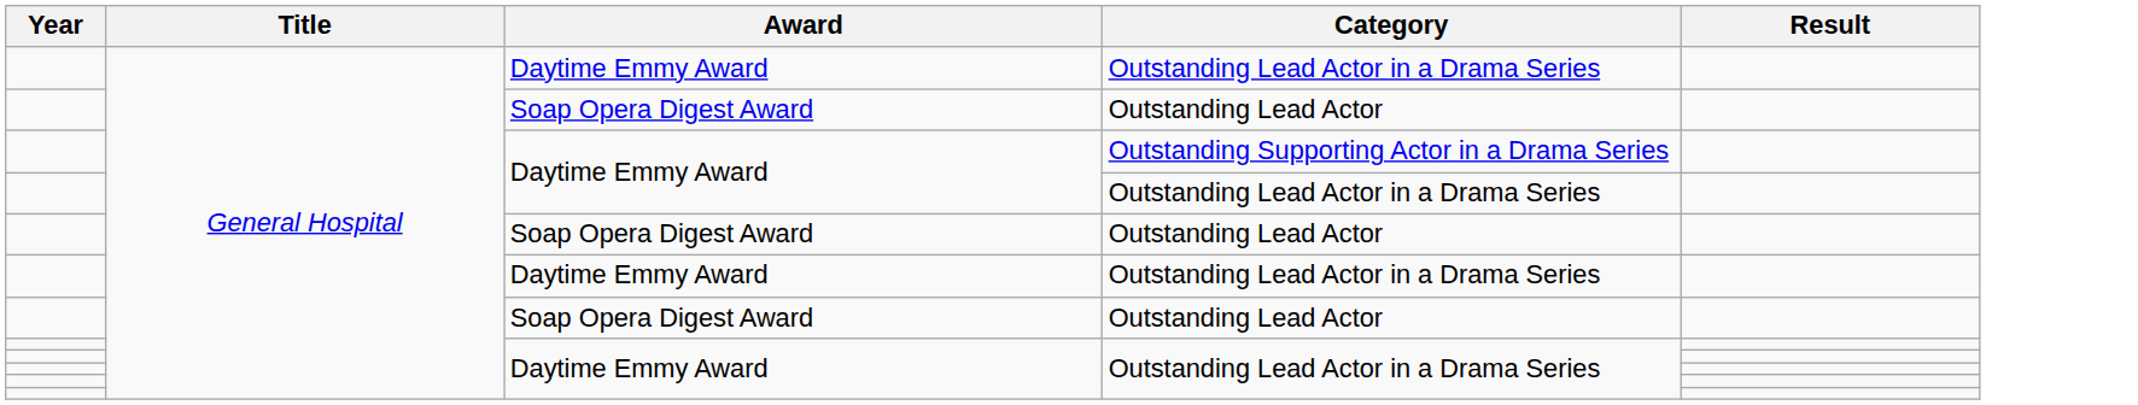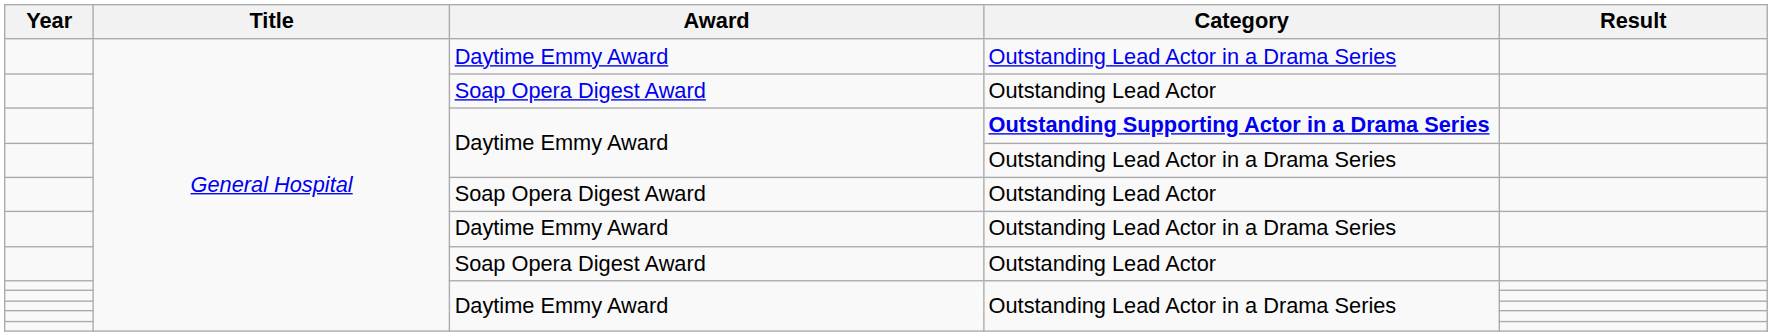 <table class="wikitable sortable plainrowheaders">
 <tr>
 <th width=5%>Year</th>
 <th width=20%>Title</th>
 <th width=30%>Award</th>
 <th width=29%>Category</th>
 <th width=15%>Result</th>
 </tr>
 <tr>
 <td></td>
 <td rowspan="12" style="text-align:center;"><em><a href='#'>General Hospital</a></em></td>
 <td><a href='#'>Daytime Emmy Award</a></td>
 <td><a href='#'>Outstanding Lead Actor in a Drama Series</a></td>
 <td></td>
 </tr>
 <tr>
 <td></td>
 <td><a href='#'>Soap Opera Digest Award</a></td>
 <td>Outstanding Lead Actor</td>
 <td></td>
 </tr>
 <tr>
 <td></td>
 <td rowspan="2">Daytime Emmy Award</td>
-<td><a href='#'>Outstanding Supporting Actor in a Drama Series</a></td>
+<td><strong><a href='#'>Outstanding Supporting Actor in a Drama Series</a></strong></td>
 <td></td>
 </tr>
 <tr>
 <td></td>
 <td>Outstanding Lead Actor in a Drama Series</td>
 <td></td>
 </tr>
 <tr>
 <td></td>
 <td>Soap Opera Digest Award</td>
 <td>Outstanding Lead Actor</td>
 <td></td>
 </tr>
 <tr>
 <td></td>
 <td>Daytime Emmy Award</td>
 <td>Outstanding Lead Actor in a Drama Series</td>
 <td></td>
 </tr>
 <tr>
 <td></td>
 <td>Soap Opera Digest Award</td>
 <td>Outstanding Lead Actor</td>
 <td></td>
 </tr>
 <tr>
 <td></td>
 <td rowspan="5">Daytime Emmy Award</td>
 <td rowspan="5">Outstanding Lead Actor in a Drama Series</td>
 <td></td>
 </tr>
 <tr>
 <td></td>
 <td></td>
 </tr>
 <tr>
 <td></td>
 <td></td>
 </tr>
 <tr>
 <td></td>
 <td></td>
 </tr>
 <tr>
 <td></td>
 <td></td>
 </tr>
 </table>
